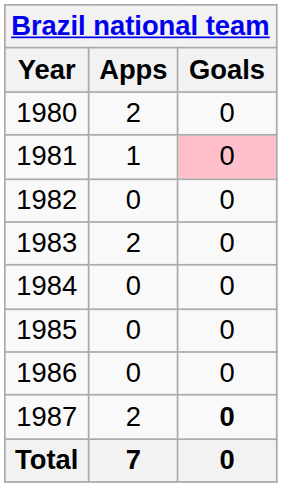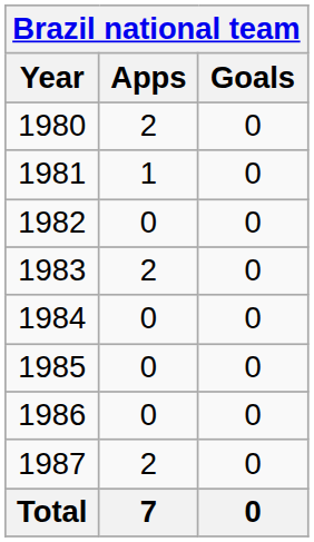 <table class="wikitable" style="text-align:center">
 <tr>
 <th colspan=3><a href='#'>Brazil national team</a></th>
 </tr>
 <tr>
 <th>Year</th>
 <th>Apps</th>
 <th>Goals</th>
 </tr>
 <tr>
 <td>1980</td>
 <td>2</td>
 <td>0</td>
 </tr>
 <tr>
 <td>1981</td>
 <td>1</td>
-<td style="background: pink;">0</td>
+<td>0</td>
 </tr>
 <tr>
 <td>1982</td>
 <td>0</td>
 <td>0</td>
 </tr>
 <tr>
 <td>1983</td>
 <td>2</td>
 <td>0</td>
 </tr>
 <tr>
 <td>1984</td>
 <td>0</td>
 <td>0</td>
 </tr>
 <tr>
 <td>1985</td>
 <td>0</td>
 <td>0</td>
 </tr>
 <tr>
 <td>1986</td>
 <td>0</td>
 <td>0</td>
 </tr>
 <tr>
 <td>1987</td>
 <td>2</td>
-<td><strong>0</strong></td>
+<td>0</td>
 </tr>
 <tr>
 <th>Total</th>
 <th>7</th>
 <th>0</th>
 </tr>
 </table>
